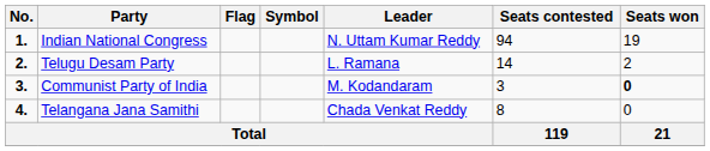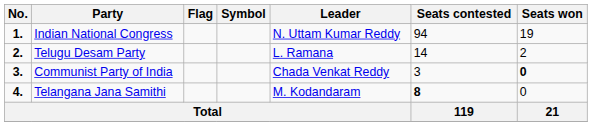 <table class="wikitable" width="60%">
 <tr>
 <th>No.</th>
 <th>Party</th>
 <th>Flag</th>
 <th>Symbol</th>
 <th>Leader</th>
 <th>Seats contested</th>
 <th>Seats won</th>
 </tr>
 <tr>
 <td style="text-align:center; background:"><strong>1.</strong></td>
 <td><a href='#'>Indian National Congress</a></td>
 <td></td>
 <td></td>
 <td><a href='#'>N. Uttam Kumar Reddy</a></td>
 <td>94</td>
 <td>19</td>
 </tr>
 <tr>
 <td style="text-align:center; background:"><strong>2.</strong></td>
 <td><a href='#'>Telugu Desam Party</a></td>
 <td></td>
 <td></td>
 <td><a href='#'>L. Ramana</a></td>
 <td>14</td>
 <td>2</td>
 </tr>
 <tr>
 <td style="text-align:Center; background:"><span><strong>3.</strong></span></td>
 <td><a href='#'>Communist Party of India</a></td>
 <td></td>
 <td></td>
-<td><a href='#'>M. Kodandaram</a></td>
+<td><a href='#'>Chada Venkat Reddy</a></td>
 <td>3</td>
 <td><strong>0</strong></td>
 </tr>
 <tr>
 <td style="text-align:Center; background:"><strong>4.</strong></td>
 <td><a href='#'>Telangana Jana Samithi</a></td>
 <td></td>
 <td></td>
-<td><a href='#'>Chada Venkat Reddy</a></td>
-<td>8</td>
+<td><a href='#'>M. Kodandaram</a></td>
+<td><strong>8</strong></td>
 <td>0</td>
 </tr>
 <tr>
 <th colspan="5">Total</th>
 <th>119</th>
 <th>21</th>
 </tr>
 <tr>
 </tr>
 </table>
